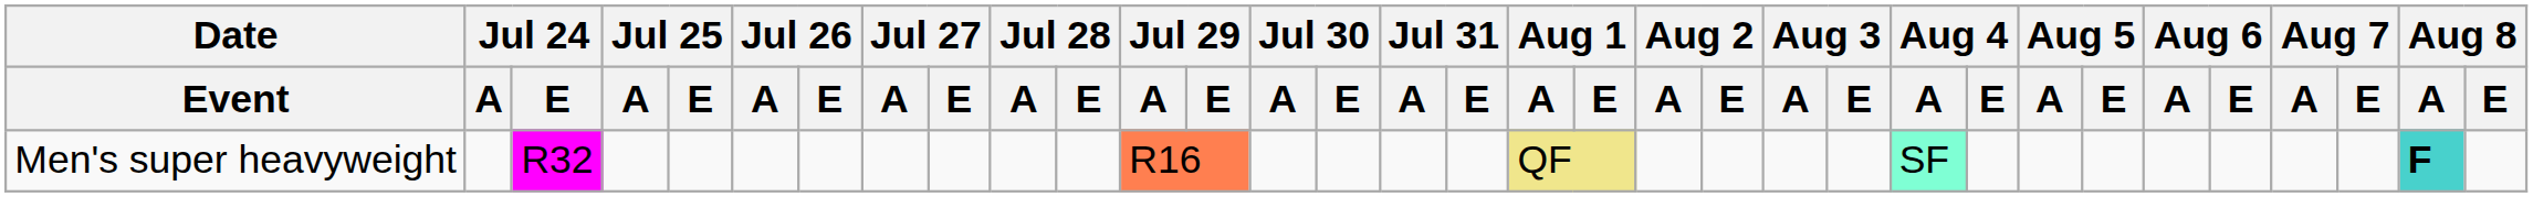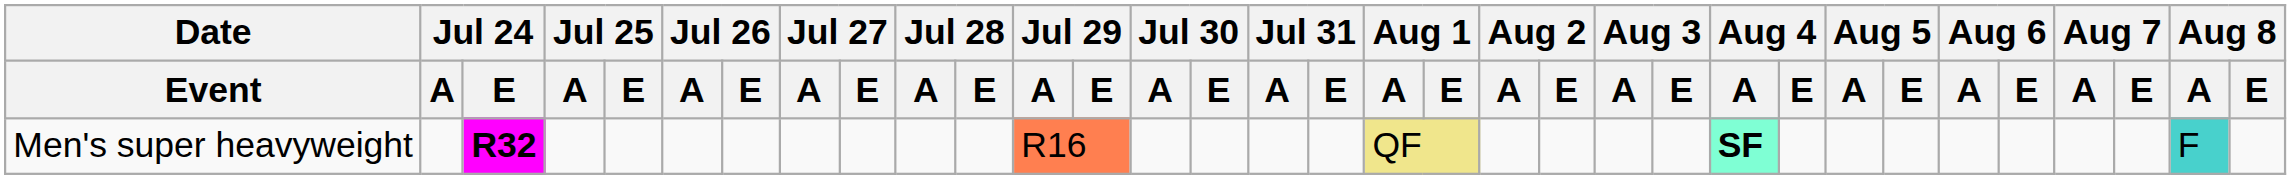 <table class="wikitable olympic-schedule Boxing">
 <tr>
 <th>Date</th>
 <th colspan="2">Jul 24</th>
 <th colspan="2">Jul 25</th>
 <th colspan="2">Jul 26</th>
 <th colspan="2">Jul 27</th>
 <th colspan="2">Jul 28</th>
 <th colspan="2">Jul 29</th>
 <th colspan="2">Jul 30</th>
 <th colspan="2">Jul 31</th>
 <th colspan="2">Aug 1</th>
 <th colspan="2">Aug 2</th>
 <th colspan="2">Aug 3</th>
 <th colspan="2">Aug 4</th>
 <th colspan="2">Aug 5</th>
 <th colspan="2">Aug 6</th>
 <th colspan="2">Aug 7</th>
 <th colspan="2">Aug 8</th>
 </tr>
 <tr>
 <th>Event</th>
 <th>A</th>
 <th>E</th>
 <th>A</th>
 <th>E</th>
 <th>A</th>
 <th>E</th>
 <th>A</th>
 <th>E</th>
 <th>A</th>
 <th>E</th>
 <th>A</th>
 <th>E</th>
 <th>A</th>
 <th>E</th>
 <th>A</th>
 <th>E</th>
 <th>A</th>
 <th>E</th>
 <th>A</th>
 <th>E</th>
 <th>A</th>
 <th>E</th>
 <th>A</th>
 <th>E</th>
 <th>A</th>
 <th>E</th>
 <th>A</th>
 <th>E</th>
 <th>A</th>
 <th>E</th>
 <th>A</th>
 <th>E</th>
 </tr>
 <tr>
 <td class="event">Men's super heavyweight</td>
 <td></td>
-<td bgcolor="#FF00FF" class="roundof32">R32</td>
+<td bgcolor="#FF00FF" class="roundof32"><strong>R32</strong></td>
 <td></td>
 <td></td>
 <td></td>
 <td></td>
 <td></td>
 <td></td>
 <td></td>
 <td></td>
 <td colspan="2" bgcolor="#FF7F50" class="roundof16">R16</td>
 <td></td>
 <td></td>
 <td></td>
 <td></td>
 <td colspan="2" bgcolor="#F0E68C" class="quarterfinals">QF</td>
 <td></td>
 <td></td>
 <td></td>
 <td></td>
-<td bgcolor="#7FFFD4" class="semifinals">SF</td>
+<td bgcolor="#7FFFD4" class="semifinals"><strong>SF</strong></td>
 <td></td>
 <td></td>
 <td></td>
 <td></td>
 <td></td>
 <td></td>
 <td></td>
-<td bgcolor="#48D1CC" class="final"><strong>F</strong></td>
+<td bgcolor="#48D1CC" class="final">F</td>
 <td></td>
 </tr>
 </table>
